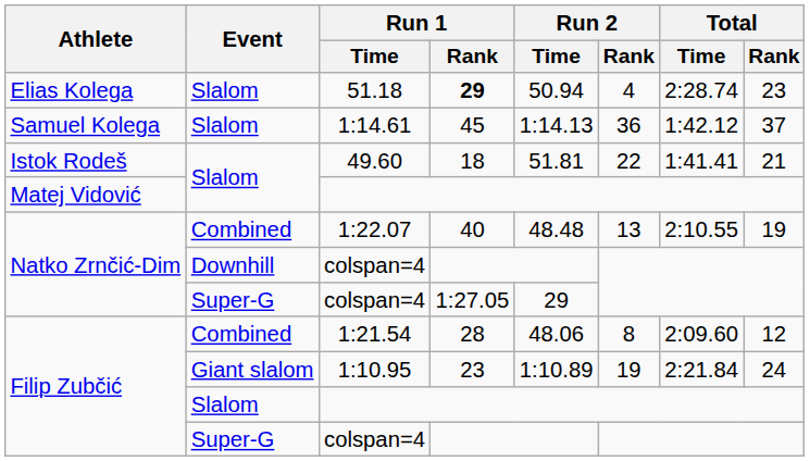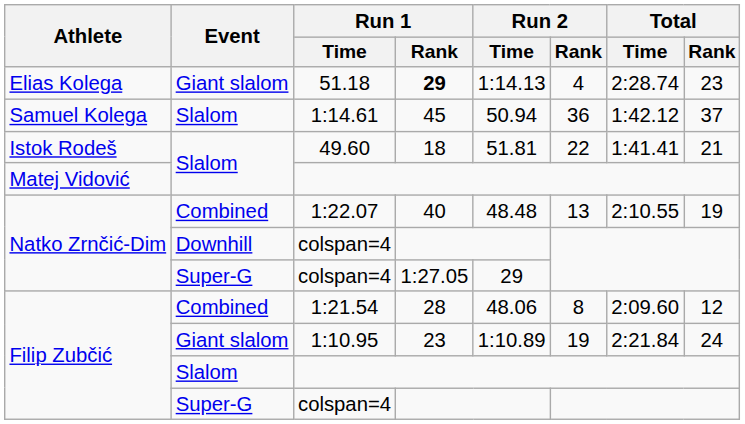 <table class="wikitable" style="font-size:90%">
 <tr>
 <th rowspan=2>Athlete</th>
 <th rowspan=2>Event</th>
 <th colspan=2>Run 1</th>
 <th colspan=2>Run 2</th>
 <th colspan=2>Total</th>
 </tr>
 <tr style="font-size:95%">
 <th>Time</th>
 <th>Rank</th>
 <th>Time</th>
 <th>Rank</th>
 <th>Time</th>
 <th>Rank</th>
 </tr>
 <tr align=center>
 <td align=left><a href='#'>Elias Kolega</a></td>
-<td align=left><a href='#'>Slalom</a></td>
+<td align=left><a href='#'>Giant slalom</a></td>
 <td>51.18</td>
 <td><strong>29</strong></td>
-<td>50.94</td>
+<td>1:14.13</td>
 <td>4</td>
 <td>2:28.74</td>
 <td>23</td>
 </tr>
 <tr align=center>
 <td align=left><a href='#'>Samuel Kolega</a></td>
 <td align=left><a href='#'>Slalom</a></td>
 <td>1:14.61</td>
 <td>45</td>
-<td>1:14.13</td>
+<td>50.94</td>
 <td>36</td>
 <td>1:42.12</td>
 <td>37</td>
 </tr>
 <tr align=center>
 <td align=left><a href='#'>Istok Rodeš</a></td>
 <td align=left rowspan=2><a href='#'>Slalom</a></td>
 <td>49.60</td>
 <td>18</td>
 <td>51.81</td>
 <td>22</td>
 <td>1:41.41</td>
 <td>21</td>
 </tr>
 <tr align=center>
 <td align=left><a href='#'>Matej Vidović</a></td>
 <td colspan=6></td>
 </tr>
 <tr align=center>
 <td align=left rowspan=3><a href='#'>Natko Zrnčić-Dim</a></td>
 <td align=left><a href='#'>Combined</a></td>
 <td>1:22.07</td>
 <td>40</td>
 <td>48.48</td>
 <td>13</td>
 <td>2:10.55</td>
 <td>19</td>
 </tr>
 <tr align=center>
 <td align=left><a href='#'>Downhill</a></td>
 <td>colspan=4 </td>
 <td colspan=2></td>
 </tr>
 <tr align=center>
 <td align=left><a href='#'>Super-G</a></td>
 <td>colspan=4 </td>
 <td>1:27.05</td>
 <td>29</td>
 </tr>
 <tr align=center>
 <td align=left rowspan=4><a href='#'>Filip Zubčić</a></td>
 <td align=left><a href='#'>Combined</a></td>
 <td>1:21.54</td>
 <td>28</td>
 <td>48.06</td>
 <td>8</td>
 <td>2:09.60</td>
 <td>12</td>
 </tr>
 <tr align=center>
 <td align=left><a href='#'>Giant slalom</a></td>
 <td>1:10.95</td>
 <td>23</td>
 <td>1:10.89</td>
 <td>19</td>
 <td>2:21.84</td>
 <td>24</td>
 </tr>
 <tr align=center>
 <td align=left><a href='#'>Slalom</a></td>
 <td colspan=6></td>
 </tr>
 <tr align=center>
 <td align=left><a href='#'>Super-G</a></td>
 <td>colspan=4 </td>
 <td colspan=2></td>
 </tr>
 </table>
